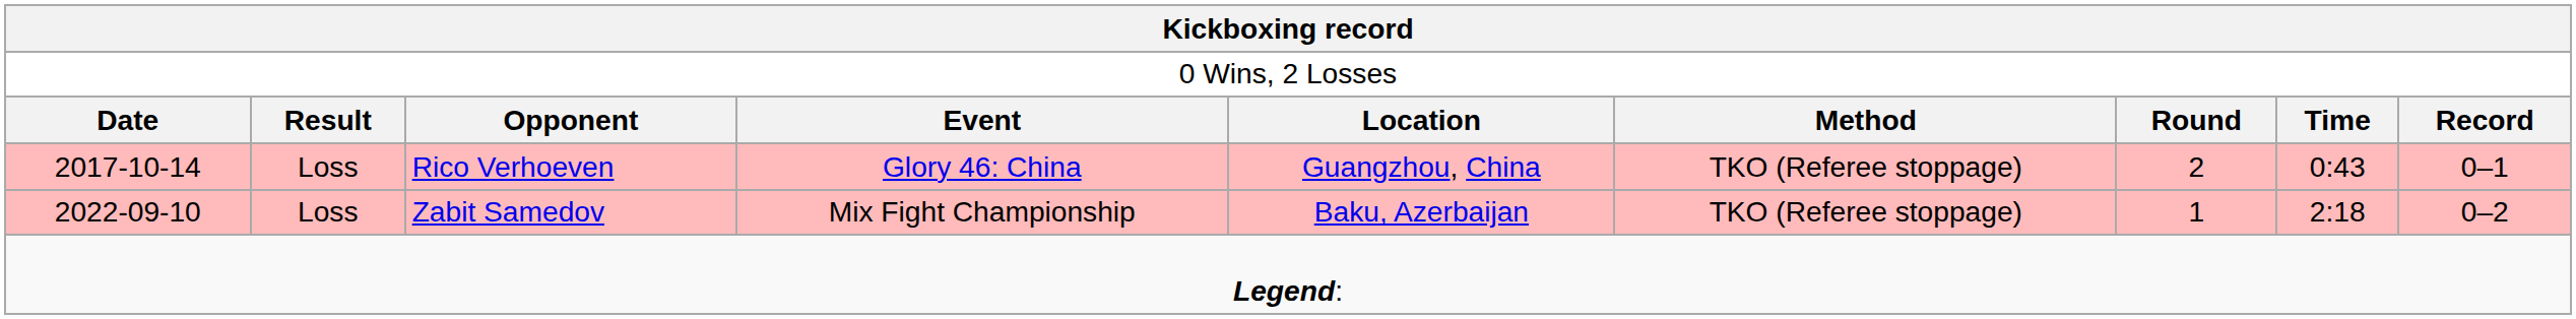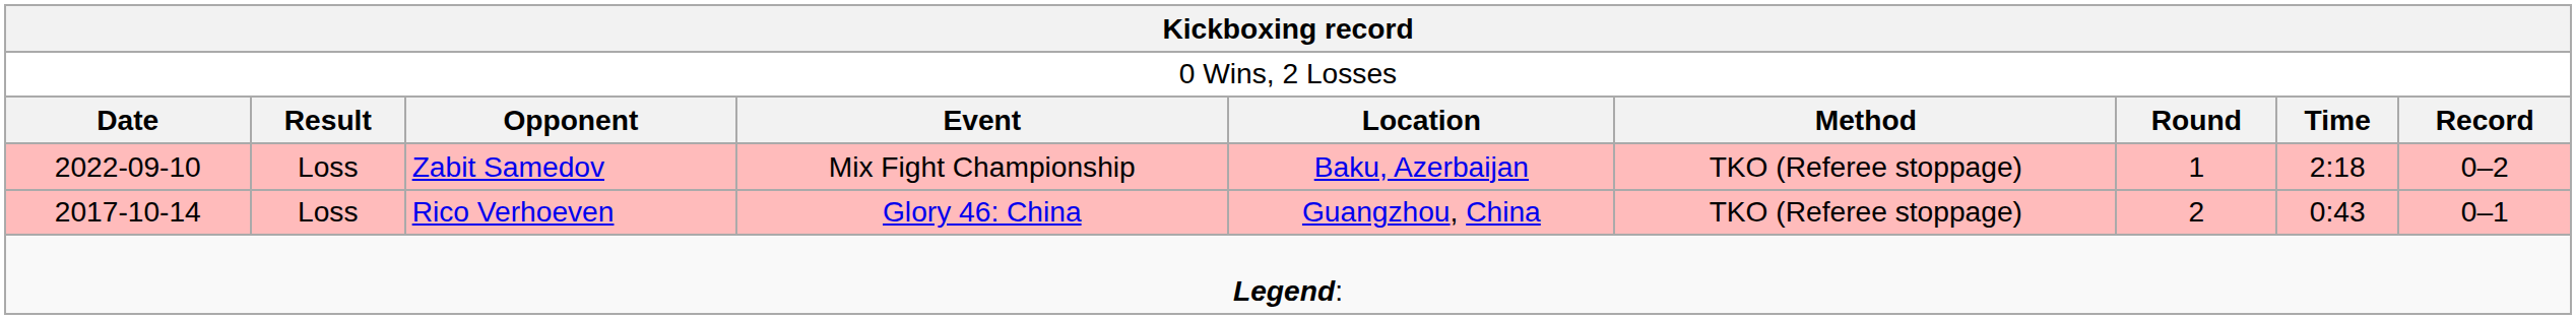 <table class="wikitable collapsible" style="font-size:88%; width:100%; text-align:center;">
 <tr>
 <th colspan=9>Kickboxing record</th>
 </tr>
 <tr>
 <td style="background:white" colspan=9>0 Wins, 2 Losses</td>
 </tr>
 <tr>
 <th>Date</th>
 <th>Result</th>
 <th>Opponent</th>
 <th>Event</th>
 <th>Location</th>
 <th>Method</th>
 <th>Round</th>
 <th>Time</th>
 <th>Record</th>
 </tr>
 <tr style="background:#fbb;">
+<td>2022-09-10</td>
+<td>Loss</td>
+<td align=left> <a href='#'>Zabit Samedov</a></td>
+<td>Mix Fight Championship</td>
+<td><a href='#'>Baku, Azerbaijan</a></td>
+<td>TKO (Referee stoppage)</td>
+<td>1</td>
+<td>2:18</td>
+<td>0–2</td>
+</tr>
+<tr>
+</tr>
+<tr style="background:#fbb;">
 <td>2017-10-14</td>
 <td>Loss</td>
 <td align=left> <a href='#'>Rico Verhoeven</a></td>
 <td><a href='#'>Glory 46: China</a></td>
 <td><a href='#'>Guangzhou</a>, <a href='#'>China</a></td>
 <td>TKO (Referee stoppage)</td>
 <td>2</td>
 <td>0:43</td>
 <td>0–1</td>
 </tr>
 <tr>
-</tr>
-<tr style="background:#fbb;">
-<td>2022-09-10</td>
-<td>Loss</td>
-<td align=left> <a href='#'>Zabit Samedov</a></td>
-<td>Mix Fight Championship</td>
-<td><a href='#'>Baku, Azerbaijan</a></td>
-<td>TKO (Referee stoppage)</td>
-<td>1</td>
-<td>2:18</td>
-<td>0–2</td>
-</tr>
-<tr>
 <td colspan=9><br><strong><em>Legend</em></strong>:    </td>
 </tr>
 </table>
